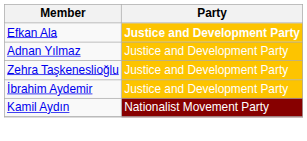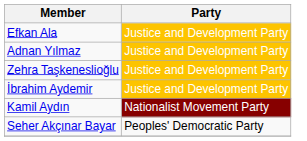 <table class="wikitable">
 <tr>
 <th>Member</th>
 <th>Party</th>
 </tr>
 <tr>
 <td><a href='#'>Efkan Ala</a></td>
-<td style="background:#FDC400; color:white"><strong>Justice and Development Party</strong></td>
+<td style="background:#FDC400; color:white">Justice and Development Party</td>
 </tr>
 <tr>
 <td><a href='#'>Adnan Yılmaz</a></td>
 <td style="background:#FDC400; color:white">Justice and Development Party</td>
 </tr>
 <tr>
 <td><a href='#'>Zehra Taşkeneslioğlu</a></td>
 <td style="background:#FDC400; color:white">Justice and Development Party</td>
 </tr>
 <tr>
 <td><a href='#'>İbrahim Aydemir</a></td>
 <td style="background:#FDC400; color:white">Justice and Development Party</td>
 </tr>
 <tr>
 <td><a href='#'>Kamil Aydın</a></td>
 <td style="background:#870000; color:white">Nationalist Movement Party</td>
 </tr>
 <tr>
+<td><a href='#'>Seher Akçınar Bayar</a></td>
+<td style="background:">Peoples' Democratic Party</td>
+</tr>
+<tr>
 </tr>
 </table>
